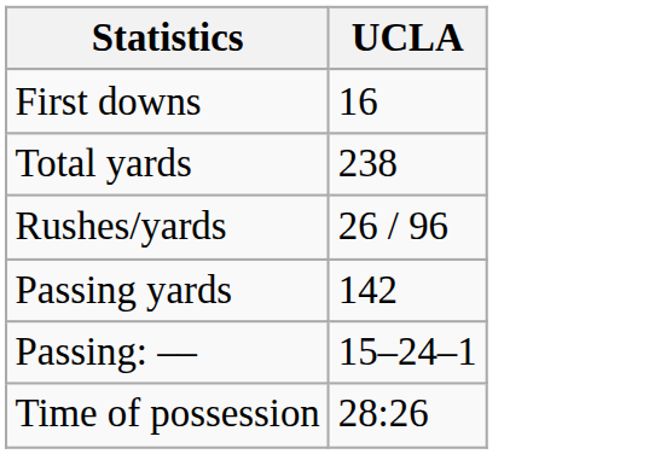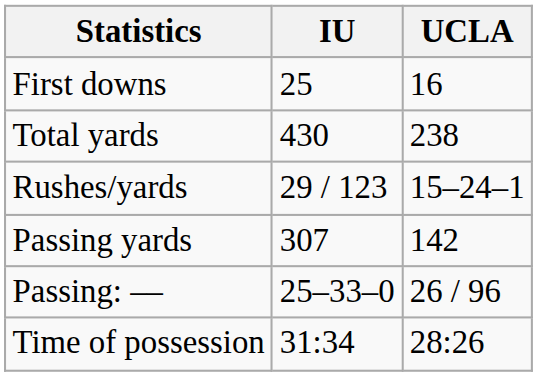 <table class="wikitable" style="float:left">
 <tr>
 <th>Statistics</th>
+<th>IU</th>
 <th>UCLA</th>
 </tr>
 <tr>
 <td>First downs</td>
+<td>25</td>
 <td>16</td>
 </tr>
 <tr>
 <td>Total yards</td>
+<td>430</td>
 <td>238</td>
 </tr>
 <tr>
 <td>Rushes/yards</td>
-<td>26 / 96</td>
+<td>29 / 123</td>
+<td>15–24–1</td>
 </tr>
 <tr>
 <td>Passing yards</td>
+<td>307</td>
 <td>142</td>
 </tr>
 <tr>
 <td>Passing: ––</td>
-<td>15–24–1</td>
+<td>25–33–0</td>
+<td>26 / 96</td>
 </tr>
 <tr>
 <td>Time of possession</td>
+<td>31:34</td>
 <td>28:26</td>
 </tr>
 </table>
